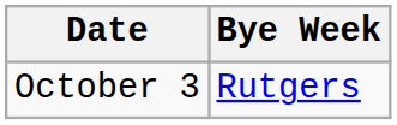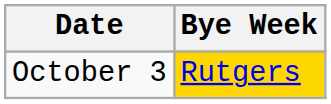 <table class="wikitable" style="font-size:95%;">
 <tr>
 <th>Date</th>
 <th colspan="1">Bye Week</th>
 </tr>
 <tr>
 <td>October 3</td>
-<td><a href='#'>Rutgers</a></td>
+<td style="background: gold;"><a href='#'>Rutgers</a></td>
 </tr>
 </table>
